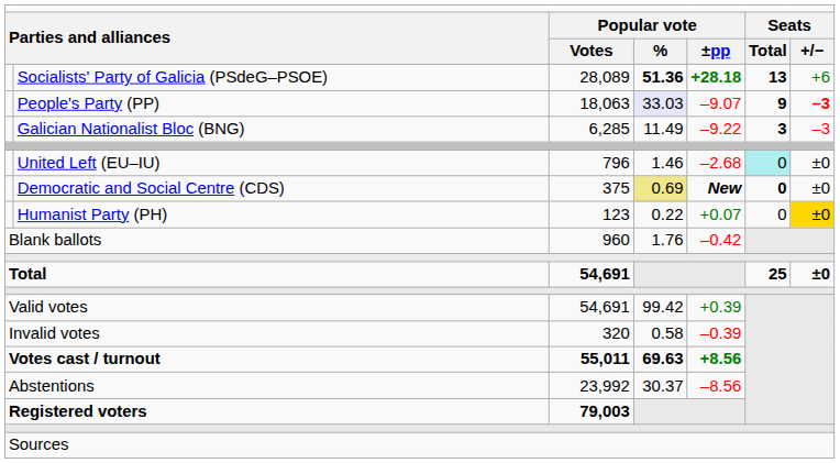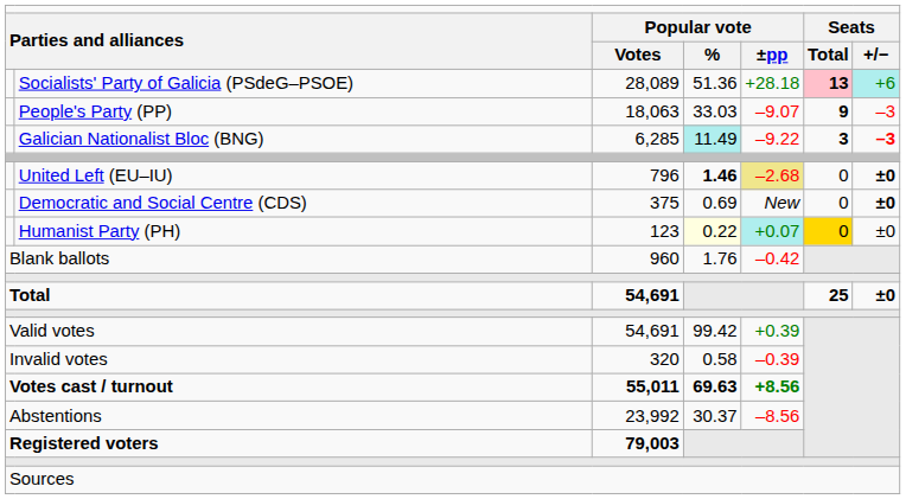 <table class="wikitable" style="text-align:right;">
 <tr>
 <td colspan="7"></td>
 </tr>
 <tr>
 <th style="text-align:left;" rowspan="2" colspan="2" width="525">Parties and alliances</th>
 <th colspan="3">Popular vote</th>
 <th colspan="2">Seats</th>
 </tr>
 <tr>
 <th width="75">Votes</th>
 <th width="45">%</th>
 <th width="45">±<a href='#'>pp</a></th>
 <th width="35">Total</th>
 <th width="35">+/−</th>
 </tr>
 <tr>
 <td width="1" style="color:inherit;background:"></td>
 <td align="left"><a href='#'>Socialists' Party of Galicia</a> (PSdeG–PSOE)</td>
 <td>28,089</td>
-<td><strong>51.36</strong></td>
-<td style="color:green;"><strong>+28.18</strong></td>
-<td><strong>13</strong></td>
-<td style="color:green;">+6</td>
+<td>51.36</td>
+<td style="color:green;">+28.18</td>
+<td style="background: pink;"><strong>13</strong></td>
+<td style="background: paleturquoise; color:green;">+6</td>
 </tr>
 <tr>
 <td style="color:inherit;background:"></td>
 <td align="left"><a href='#'>People's Party</a> (PP)</td>
 <td>18,063</td>
-<td style="background: lavender;">33.03</td>
+<td>33.03</td>
 <td style="color:red;">–9.07</td>
 <td><strong>9</strong></td>
-<td style="color:red;"><strong>–3</strong></td>
+<td style="color:red;">–3</td>
 </tr>
 <tr>
 <td style="color:inherit;background:"></td>
 <td align="left"><a href='#'>Galician Nationalist Bloc</a> (BNG)</td>
 <td>6,285</td>
-<td>11.49</td>
+<td style="background: paleturquoise;">11.49</td>
 <td style="color:red;">–9.22</td>
 <td><strong>3</strong></td>
-<td style="color:red;">–3</td>
+<td style="color:red;"><strong>–3</strong></td>
 </tr>
 <tr>
 <td colspan="7" bgcolor="#C0C0C0"></td>
 </tr>
 <tr>
 <td style="color:inherit;background:"></td>
 <td align="left"><a href='#'>United Left</a> (EU–IU)</td>
 <td>796</td>
-<td>1.46</td>
-<td style="color:red;">–2.68</td>
-<td style="background: paleturquoise;">0</td>
-<td>±0</td>
+<td><strong>1.46</strong></td>
+<td style="background: khaki; color:red;">–2.68</td>
+<td>0</td>
+<td><strong>±0</strong></td>
 </tr>
 <tr>
 <td style="color:inherit;background:"></td>
 <td align="left"><a href='#'>Democratic and Social Centre</a> (CDS)</td>
 <td>375</td>
-<td style="background: khaki;">0.69</td>
-<td><strong><em>New</em></strong></td>
-<td><strong>0</strong></td>
-<td>±0</td>
+<td>0.69</td>
+<td><em>New</em></td>
+<td>0</td>
+<td><strong>±0</strong></td>
 </tr>
 <tr>
 <td style="color:inherit;background:"></td>
 <td align="left"><a href='#'>Humanist Party</a> (PH)</td>
 <td>123</td>
-<td>0.22</td>
-<td style="color:green;">+0.07</td>
-<td>0</td>
-<td style="background: gold;">±0</td>
+<td style="background: lightyellow;">0.22</td>
+<td style="background: paleturquoise; color:green;">+0.07</td>
+<td style="background: gold;">0</td>
+<td>±0</td>
 </tr>
 <tr>
 <td align="left" colspan="2">Blank ballots</td>
 <td>960</td>
 <td>1.76</td>
 <td style="color:red;">–0.42</td>
 <td bgcolor="#E9E9E9" colspan="2"></td>
 </tr>
 <tr>
 <td colspan="7" bgcolor="#E9E9E9"></td>
 </tr>
 <tr style="font-weight:bold;">
 <td align="left" colspan="2">Total</td>
 <td>54,691</td>
 <td bgcolor="#E9E9E9" colspan="2"></td>
 <td>25</td>
 <td>±0</td>
 </tr>
 <tr>
 <td colspan="7" bgcolor="#E9E9E9"></td>
 </tr>
 <tr>
 <td align="left" colspan="2">Valid votes</td>
 <td>54,691</td>
 <td>99.42</td>
 <td style="color:green;">+0.39</td>
 <td bgcolor="#E9E9E9" colspan="2" rowspan="5"></td>
 </tr>
 <tr>
 <td align="left" colspan="2">Invalid votes</td>
 <td>320</td>
 <td>0.58</td>
 <td style="color:red;">–0.39</td>
 </tr>
 <tr style="font-weight:bold;">
 <td align="left" colspan="2">Votes cast / turnout</td>
 <td>55,011</td>
 <td>69.63</td>
 <td style="color:green;">+8.56</td>
 </tr>
 <tr>
 <td align="left" colspan="2">Abstentions</td>
 <td>23,992</td>
 <td>30.37</td>
 <td style="color:red;">–8.56</td>
 </tr>
 <tr style="font-weight:bold;">
 <td align="left" colspan="2">Registered voters</td>
 <td>79,003</td>
 <td bgcolor="#E9E9E9" colspan="2"></td>
 </tr>
 <tr>
 <td colspan="7" bgcolor="#E9E9E9"></td>
 </tr>
 <tr>
 <td align="left" colspan="7">Sources</td>
 </tr>
 </table>
